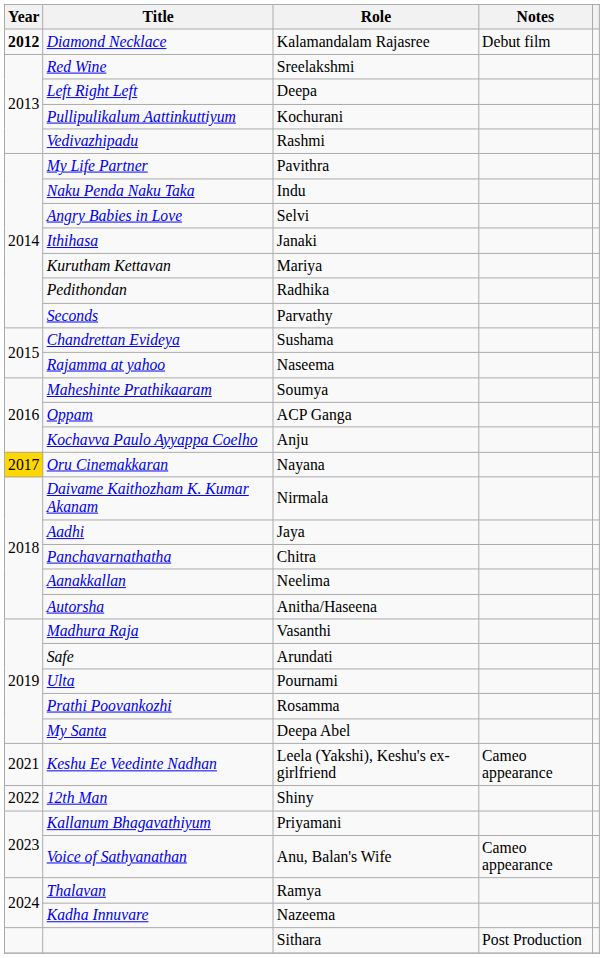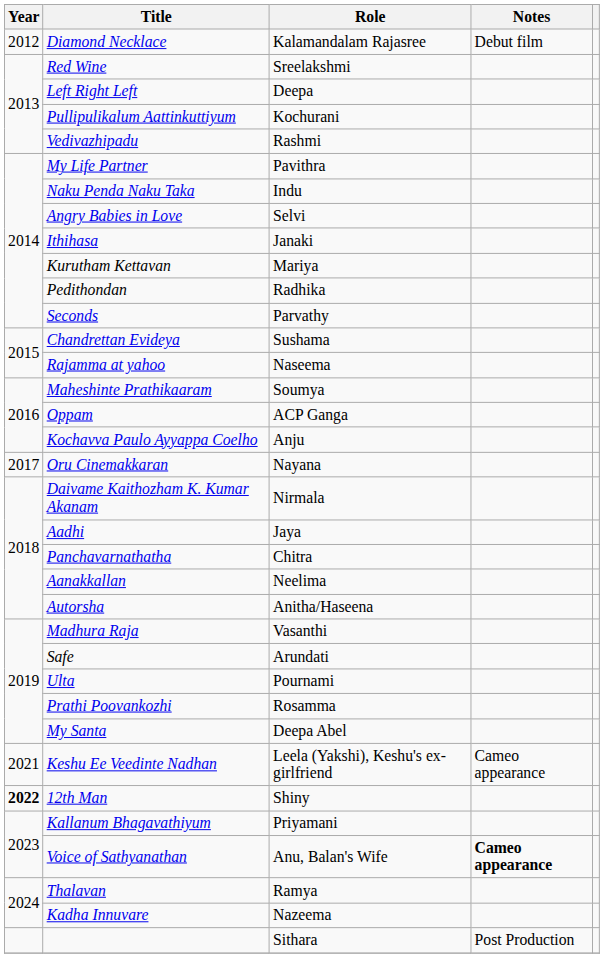 <table class="wikitable sortable">
 <tr>
 <th>Year</th>
 <th>Title</th>
 <th>Role</th>
 <th class="unsortable">Notes</th>
 <th></th>
 </tr>
 <tr>
-<td><strong>2012</strong></td>
+<td>2012</td>
 <td><em><a href='#'>Diamond Necklace</a></em></td>
 <td>Kalamandalam Rajasree</td>
 <td>Debut film</td>
 <td></td>
 </tr>
 <tr>
 <td rowspan=4>2013</td>
 <td><em><a href='#'>Red Wine</a></em></td>
 <td>Sreelakshmi</td>
 <td></td>
 <td></td>
 </tr>
 <tr>
 <td><em><a href='#'>Left Right Left</a></em></td>
 <td>Deepa</td>
 <td></td>
 <td></td>
 </tr>
 <tr>
 <td><em><a href='#'>Pullipulikalum Aattinkuttiyum</a></em></td>
 <td>Kochurani</td>
 <td></td>
 <td></td>
 </tr>
 <tr>
 <td><em><a href='#'>Vedivazhipadu</a></em></td>
 <td>Rashmi</td>
 <td></td>
 <td></td>
 </tr>
 <tr>
 <td rowspan=7>2014</td>
 <td><em><a href='#'>My Life Partner</a></em></td>
 <td>Pavithra</td>
 <td></td>
 <td></td>
 </tr>
 <tr>
 <td><em><a href='#'>Naku Penda Naku Taka</a></em></td>
 <td>Indu</td>
 <td></td>
 <td></td>
 </tr>
 <tr>
 <td><em><a href='#'>Angry Babies in Love</a></em></td>
 <td>Selvi</td>
 <td></td>
 <td></td>
 </tr>
 <tr>
 <td><em><a href='#'>Ithihasa</a></em></td>
 <td>Janaki</td>
 <td></td>
 <td><br></td>
 </tr>
 <tr>
 <td><em>Kurutham Kettavan</em></td>
 <td>Mariya</td>
 <td></td>
 <td></td>
 </tr>
 <tr>
 <td><em>Pedithondan</em></td>
 <td>Radhika</td>
 <td></td>
 <td></td>
 </tr>
 <tr>
 <td><em><a href='#'>Seconds</a></em></td>
 <td>Parvathy</td>
 <td></td>
 <td></td>
 </tr>
 <tr>
 <td rowspan="2">2015</td>
 <td><em><a href='#'>Chandrettan Evideya</a></em></td>
 <td>Sushama</td>
 <td></td>
 <td></td>
 </tr>
 <tr>
 <td><em><a href='#'>Rajamma at yahoo</a></em></td>
 <td>Naseema</td>
 <td></td>
 <td></td>
 </tr>
 <tr>
 <td rowspan="3">2016</td>
 <td><em><a href='#'>Maheshinte Prathikaaram</a></em></td>
 <td>Soumya</td>
 <td></td>
 <td><br></td>
 </tr>
 <tr>
 <td><em><a href='#'>Oppam</a></em></td>
 <td>ACP Ganga</td>
 <td></td>
 <td><br></td>
 </tr>
 <tr>
 <td><em><a href='#'>Kochavva Paulo Ayyappa Coelho</a></em></td>
 <td>Anju</td>
 <td></td>
 <td></td>
 </tr>
 <tr>
-<td rowspan=1 style="background: gold;">2017</td>
+<td rowspan=1>2017</td>
 <td><em><a href='#'>Oru Cinemakkaran</a></em></td>
 <td>Nayana</td>
 <td></td>
 <td></td>
 </tr>
 <tr>
 <td rowspan="5">2018</td>
 <td><em><a href='#'>Daivame Kaithozham K. Kumar Akanam</a></em></td>
 <td>Nirmala</td>
 <td></td>
 <td></td>
 </tr>
 <tr>
 <td><em><a href='#'>Aadhi</a></em></td>
 <td>Jaya</td>
 <td></td>
 <td></td>
 </tr>
 <tr>
 <td><em><a href='#'>Panchavarnathatha</a></em></td>
 <td>Chitra</td>
 <td></td>
 <td></td>
 </tr>
 <tr>
 <td><em><a href='#'>Aanakkallan</a></em></td>
 <td>Neelima</td>
 <td></td>
 <td></td>
 </tr>
 <tr>
 <td><em><a href='#'>Autorsha</a></em></td>
 <td>Anitha/Haseena</td>
 <td></td>
 <td></td>
 </tr>
 <tr>
 <td rowspan="5">2019</td>
 <td><em><a href='#'>Madhura Raja</a></em></td>
 <td>Vasanthi</td>
 <td></td>
 <td></td>
 </tr>
 <tr>
 <td><em>Safe</em></td>
 <td>Arundati</td>
 <td></td>
 <td></td>
 </tr>
 <tr>
 <td><em><a href='#'>Ulta</a></em></td>
 <td>Pournami</td>
 <td></td>
 <td></td>
 </tr>
 <tr>
 <td><em><a href='#'>Prathi Poovankozhi</a></em></td>
 <td>Rosamma</td>
 <td></td>
 <td></td>
 </tr>
 <tr>
 <td><em><a href='#'>My Santa</a></em></td>
 <td>Deepa Abel</td>
 <td></td>
 <td></td>
 </tr>
 <tr>
 <td>2021</td>
 <td><em><a href='#'>Keshu Ee Veedinte Nadhan</a></em></td>
 <td>Leela (Yakshi), Keshu's ex-girlfriend</td>
 <td>Cameo appearance</td>
 <td></td>
 </tr>
 <tr>
-<td>2022</td>
+<td><strong>2022</strong></td>
 <td><em><a href='#'>12th Man</a></em></td>
 <td>Shiny</td>
 <td></td>
 <td><br></td>
 </tr>
 <tr>
 <td rowspan=2>2023</td>
 <td><em><a href='#'>Kallanum Bhagavathiyum</a></em></td>
 <td>Priyamani</td>
 <td></td>
 <td></td>
 </tr>
 <tr>
 <td><em><a href='#'>Voice of Sathyanathan</a></em></td>
 <td>Anu, Balan's Wife</td>
-<td>Cameo appearance</td>
+<td><strong>Cameo appearance</strong></td>
 <td></td>
 </tr>
 <tr>
 <td rowspan=2>2024</td>
 <td><em><a href='#'>Thalavan</a></em></td>
 <td>Ramya</td>
 <td></td>
 <td></td>
 </tr>
 <tr>
 <td><em><a href='#'>Kadha Innuvare</a></em></td>
 <td>Nazeema</td>
 <td></td>
 <td></td>
 </tr>
 <tr>
 <td></td>
 <td></td>
 <td>Sithara</td>
 <td>Post Production</td>
 <td></td>
 </tr>
 <tr>
 </tr>
 </table>
